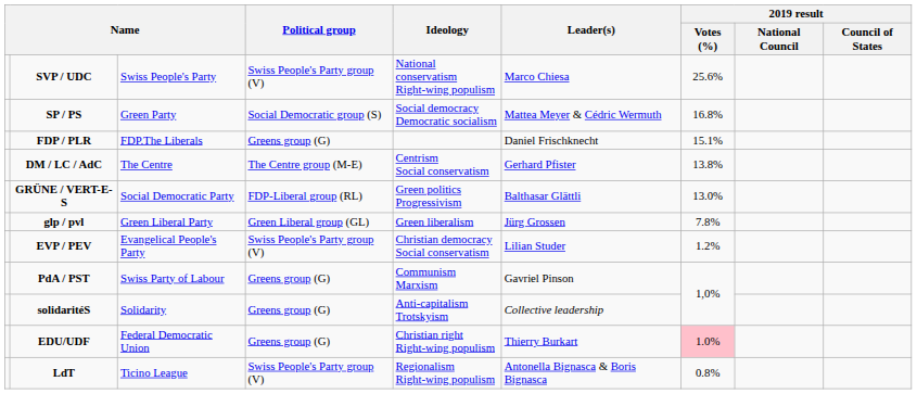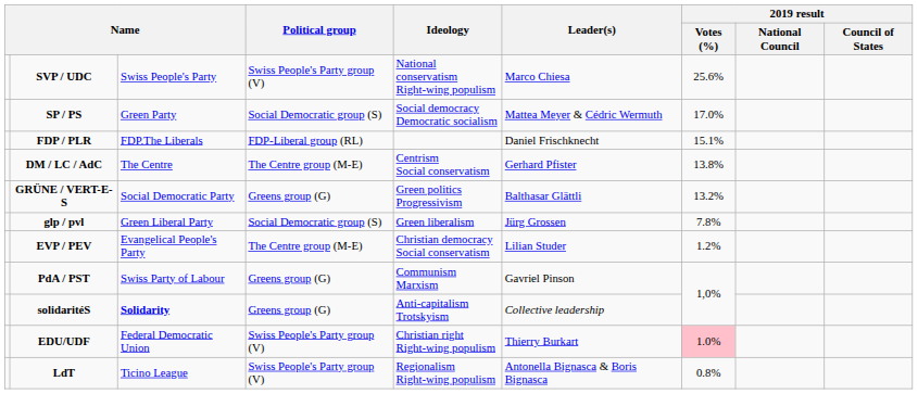 <table class="wikitable">
 <tr>
 <th rowspan="2" colspan="3">Name</th>
 <th rowspan="2"><a href='#'>Political group</a></th>
 <th rowspan="2">Ideology</th>
 <th rowspan="2">Leader(s)</th>
 <th colspan="3">2019 result</th>
 </tr>
 <tr>
 <th>Votes (%)</th>
 <th>National Council</th>
 <th>Council of States</th>
 </tr>
 <tr>
 <td style="background:"></td>
 <td style="text-align:center;"><strong>SVP / UDC</strong></td>
 <td><a href='#'>Swiss People's Party</a></td>
 <td><a href='#'>Swiss People's Party group</a> (V)</td>
 <td><a href='#'>National conservatism</a><br><a href='#'>Right-wing populism</a></td>
 <td><a href='#'>Marco Chiesa</a></td>
 <td style="text-align:center;">25.6%</td>
 <td></td>
 <td></td>
 </tr>
 <tr>
 <td style="background:"></td>
 <td style="text-align:center;"><strong>SP / PS</strong></td>
 <td><a href='#'>Green Party</a></td>
 <td><a href='#'>Social Democratic group</a> (S)</td>
 <td><a href='#'>Social democracy</a><br><a href='#'>Democratic socialism</a></td>
 <td><a href='#'>Mattea Meyer</a> & <a href='#'>Cédric Wermuth</a></td>
-<td style="text-align:center;">16.8%</td>
+<td style="text-align:center;">17.0%</td>
 <td></td>
 <td></td>
 </tr>
 <tr>
 <td style="background:"></td>
 <td style="text-align:center;"><strong>FDP / PLR</strong></td>
 <td><a href='#'>FDP.The Liberals</a></td>
-<td><a href='#'>Greens group</a> (G)</td>
+<td><a href='#'>FDP-Liberal group</a> (RL)</td>
 <td></td>
 <td>Daniel Frischknecht</td>
 <td style="text-align:center;">15.1%</td>
 <td></td>
 <td></td>
 </tr>
 <tr>
 <td style="background:"></td>
 <td style="text-align:center;"><strong>DM / LC / AdC</strong></td>
 <td><a href='#'>The Centre</a></td>
 <td><a href='#'>The Centre group</a> (M-E)</td>
 <td><a href='#'>Centrism</a><br><a href='#'>Social conservatism</a></td>
 <td><a href='#'>Gerhard Pfister</a></td>
 <td style="text-align:center;">13.8%</td>
 <td></td>
 <td></td>
 </tr>
 <tr>
 <td style="background:"></td>
 <td style="text-align:center;"><strong>GRÜNE / VERT-E-S</strong></td>
 <td><a href='#'>Social Democratic Party</a></td>
-<td><a href='#'>FDP-Liberal group</a> (RL)</td>
+<td><a href='#'>Greens group</a> (G)</td>
 <td><a href='#'>Green politics</a><br><a href='#'>Progressivism</a></td>
 <td><a href='#'>Balthasar Glättli</a></td>
-<td style="text-align:center;">13.0%</td>
+<td style="text-align:center;">13.2%</td>
 <td></td>
 <td></td>
 </tr>
 <tr>
 <td style="background:"></td>
 <td style="text-align:center;"><strong>glp / pvl</strong></td>
 <td><a href='#'>Green Liberal Party</a></td>
-<td><a href='#'>Green Liberal group</a> (GL)</td>
+<td><a href='#'>Social Democratic group</a> (S)</td>
 <td><a href='#'>Green liberalism</a></td>
 <td><a href='#'>Jürg Grossen</a></td>
 <td style="text-align:center;">7.8%</td>
 <td></td>
 <td></td>
 </tr>
 <tr>
 <td style="background:"></td>
 <td style="text-align:center;"><strong>EVP / PEV</strong></td>
 <td><a href='#'>Evangelical People's Party</a></td>
-<td><a href='#'>Swiss People's Party group</a> (V)</td>
+<td><a href='#'>The Centre group</a> (M-E)</td>
 <td><a href='#'>Christian democracy</a><br><a href='#'>Social conservatism</a></td>
 <td><a href='#'>Lilian Studer</a></td>
 <td style="text-align:center;">1.2%</td>
 <td></td>
 <td></td>
 </tr>
 <tr>
 <td style="background:"></td>
 <td style="text-align:center;"><strong>PdA / PST</strong></td>
 <td><a href='#'>Swiss Party of Labour</a></td>
 <td><a href='#'>Greens group</a> (G)</td>
 <td><a href='#'>Communism</a><br><a href='#'>Marxism</a></td>
 <td>Gavriel Pinson</td>
 <td style="text-align:center;" rowspan="2">1,0%</td>
 <td></td>
 <td></td>
 </tr>
 <tr>
 <td style="background:"></td>
 <td style="text-align:center;"><strong>solidaritéS</strong></td>
-<td><a href='#'>Solidarity</a></td>
+<td><strong><a href='#'>Solidarity</a></strong></td>
 <td><a href='#'>Greens group</a> (G)</td>
 <td><a href='#'>Anti-capitalism</a><br><a href='#'>Trotskyism</a></td>
 <td><em>Collective leadership</em></td>
 <td></td>
 <td></td>
 </tr>
 <tr>
 <td style="background:"></td>
 <td style="text-align:center;"><strong>EDU/UDF</strong></td>
 <td><a href='#'>Federal Democratic Union</a></td>
-<td><a href='#'>Greens group</a> (G)</td>
+<td><a href='#'>Swiss People's Party group</a> (V)</td>
 <td><a href='#'>Christian right</a><br><a href='#'>Right-wing populism</a></td>
 <td><a href='#'>Thierry Burkart</a></td>
 <td style="background: pink; text-align:center;">1.0%</td>
 <td></td>
 <td></td>
 </tr>
 <tr>
 <td style="background:"></td>
 <td style="text-align:center;"><strong>LdT</strong></td>
 <td><a href='#'>Ticino League</a></td>
 <td><a href='#'>Swiss People's Party group</a> (V)</td>
 <td><a href='#'>Regionalism</a><br><a href='#'>Right-wing populism</a></td>
 <td><a href='#'>Antonella Bignasca</a> & <a href='#'>Boris Bignasca</a></td>
 <td style="text-align:center;">0.8%</td>
 <td></td>
 <td></td>
 </tr>
 </table>
